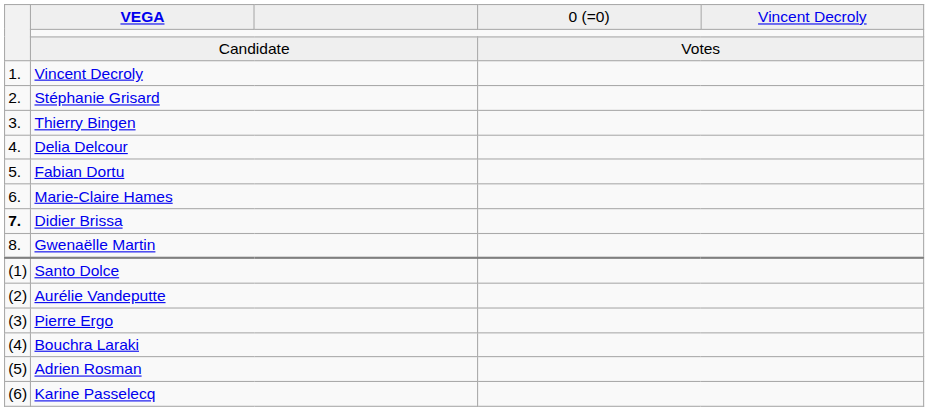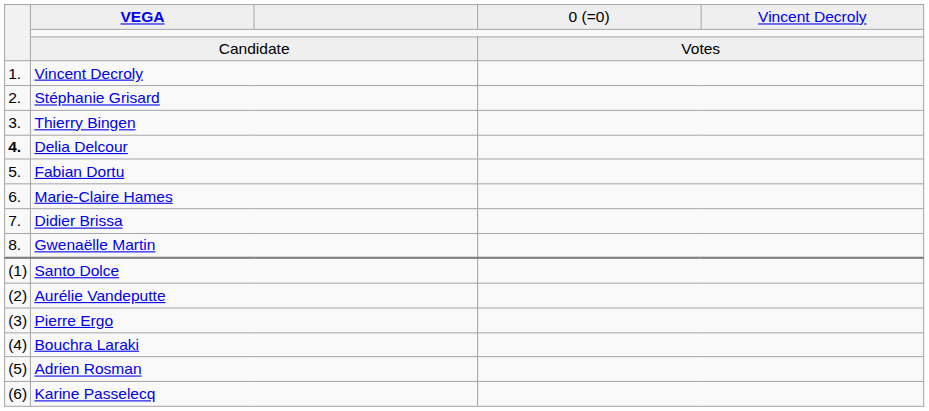 <table class="wikitable collapsible collapsed" style=text-align:left;font-size:90%>
 <tr>
 <th rowspan=3></th>
 <td bgcolor=efefef width=200 align=center><strong> <a href='#'>VEGA</a></strong></td>
 <td bgcolor=efefef width=200 align=center></td>
 <td bgcolor=efefef width=200 align=center>0 (=0)</td>
 <td bgcolor=efefef width=200 align=center><a href='#'>Vincent Decroly</a></td>
 </tr>
 <tr>
 <td colspan=4 bgcolor=></td>
 </tr>
 <tr>
 <td bgcolor=efefef align=center colspan=2>Candidate</td>
 <td bgcolor=efefef align=center colspan=2>Votes</td>
 </tr>
 <tr>
 <td>1.</td>
 <td colspan=2><a href='#'>Vincent Decroly</a></td>
 <td colspan=2></td>
 </tr>
 <tr>
 <td>2.</td>
 <td colspan=2><a href='#'>Stéphanie Grisard</a></td>
 <td colspan=2></td>
 </tr>
 <tr>
 <td>3.</td>
 <td colspan=2><a href='#'>Thierry Bingen</a></td>
 <td colspan=2></td>
 </tr>
 <tr>
-<td>4.</td>
+<td><strong>4.</strong></td>
 <td colspan=2><a href='#'>Delia Delcour</a></td>
 <td colspan=2></td>
 </tr>
 <tr>
 <td>5.</td>
 <td colspan=2><a href='#'>Fabian Dortu</a></td>
 <td colspan=2></td>
 </tr>
 <tr>
 <td>6.</td>
 <td colspan=2><a href='#'>Marie‐Claire Hames</a></td>
 <td colspan=2></td>
 </tr>
 <tr>
-<td><strong>7.</strong></td>
+<td>7.</td>
 <td colspan=2><a href='#'>Didier Brissa</a></td>
 <td colspan=2></td>
 </tr>
 <tr>
 <td>8.</td>
 <td colspan=2><a href='#'>Gwenaëlle Martin</a></td>
 <td colspan=2></td>
 </tr>
 <tr style="border-top:2px solid gray;">
 <td>(1)</td>
 <td colspan=2><a href='#'>Santo Dolce</a></td>
 <td colspan=2></td>
 </tr>
 <tr>
 <td>(2)</td>
 <td colspan=2><a href='#'>Aurélie Vandeputte</a></td>
 <td colspan=2></td>
 </tr>
 <tr>
 <td>(3)</td>
 <td colspan=2><a href='#'>Pierre Ergo</a></td>
 <td colspan=2></td>
 </tr>
 <tr>
 <td>(4)</td>
 <td colspan=2><a href='#'>Bouchra Laraki</a></td>
 <td colspan=2></td>
 </tr>
 <tr>
 <td>(5)</td>
 <td colspan=2><a href='#'>Adrien Rosman</a></td>
 <td colspan=2></td>
 </tr>
 <tr>
 <td>(6)</td>
 <td colspan=2><a href='#'>Karine Passelecq</a></td>
 <td colspan=2></td>
 </tr>
 </table>
